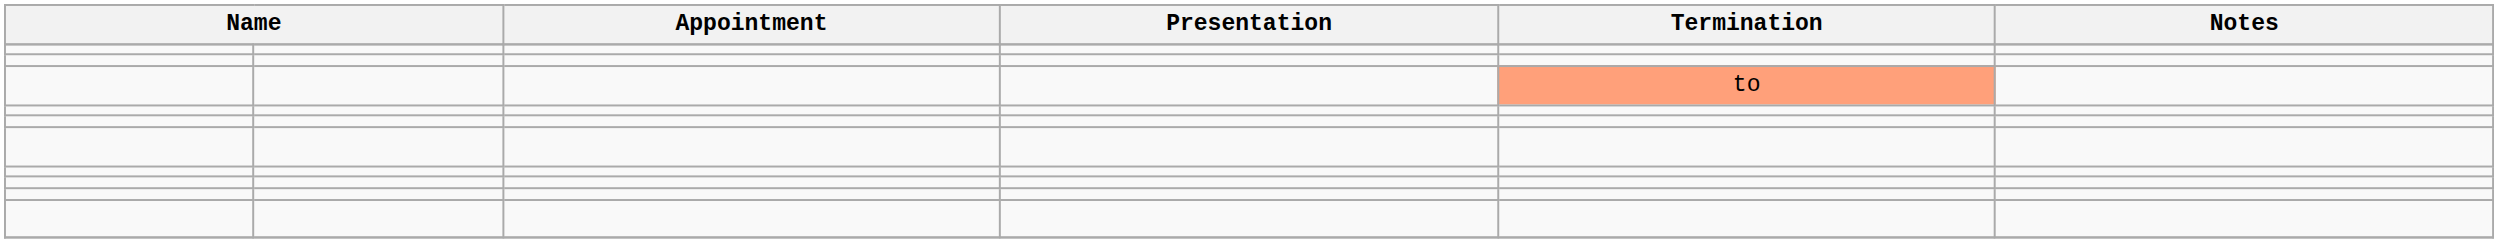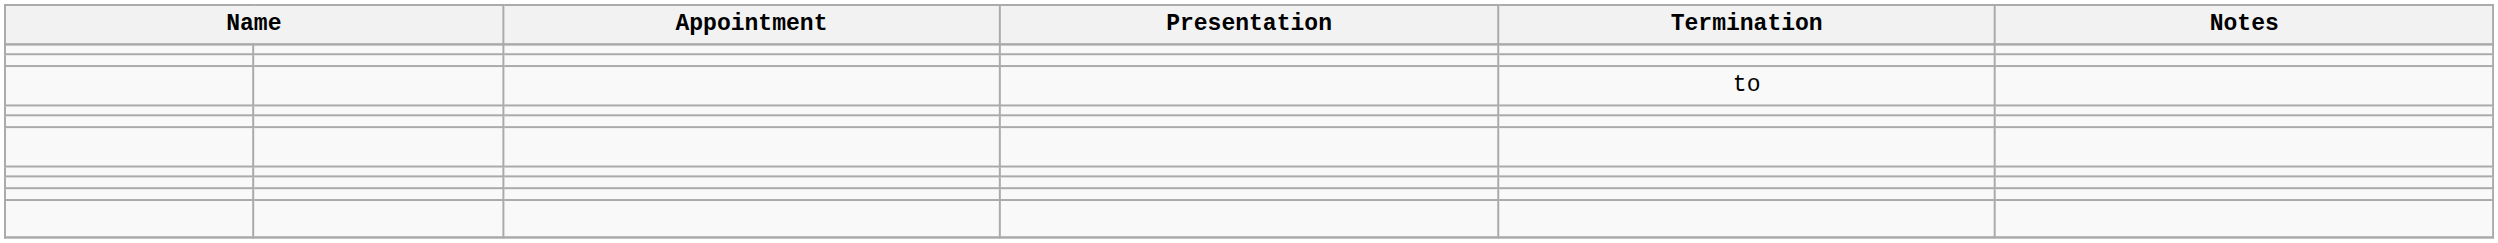 <table class="wikitable sortable" style="font-size:90%; text-align:center; width:100%;">
 <tr>
 <th colspan=2>Name</th>
 <th style="width:20%;">Appointment</th>
 <th style="width:20%;">Presentation</th>
 <th style="width:20%;">Termination</th>
 <th class="unsortable" style="width:20%;">Notes</th>
 </tr>
 <tr>
 </tr>
 <tr>
 <td></td>
 <td></td>
 <td></td>
 <td></td>
 <td></td>
 <td></td>
 </tr>
 <tr>
 <td></td>
 <td></td>
 <td></td>
 <td></td>
 <td></td>
 <td></td>
 </tr>
 <tr>
 <td></td>
 <td></td>
 <td></td>
 <td><br></td>
-<td style="background: lightsalmon;"> to </td>
+<td> to </td>
 <td></td>
 </tr>
 <tr>
 <td></td>
 <td></td>
 <td></td>
 <td></td>
 <td></td>
 <td></td>
 </tr>
 <tr>
 <td></td>
 <td></td>
 <td></td>
 <td></td>
 <td></td>
 <td></td>
 </tr>
 <tr>
 <td></td>
 <td></td>
 <td></td>
 <td><br></td>
 <td></td>
 <td></td>
 </tr>
 <tr>
 <td></td>
 <td></td>
 <td></td>
 <td></td>
 <td></td>
 <td></td>
 </tr>
 <tr>
 <td></td>
 <td></td>
 <td></td>
 <td></td>
 <td></td>
 <td></td>
 </tr>
 <tr>
 <td></td>
 <td></td>
 <td></td>
 <td></td>
 <td></td>
 <td></td>
 </tr>
 <tr>
 <td></td>
 <td></td>
 <td></td>
 <td><br></td>
 <td></td>
 <td></td>
 </tr>
 <tr>
 </tr>
 </table>
